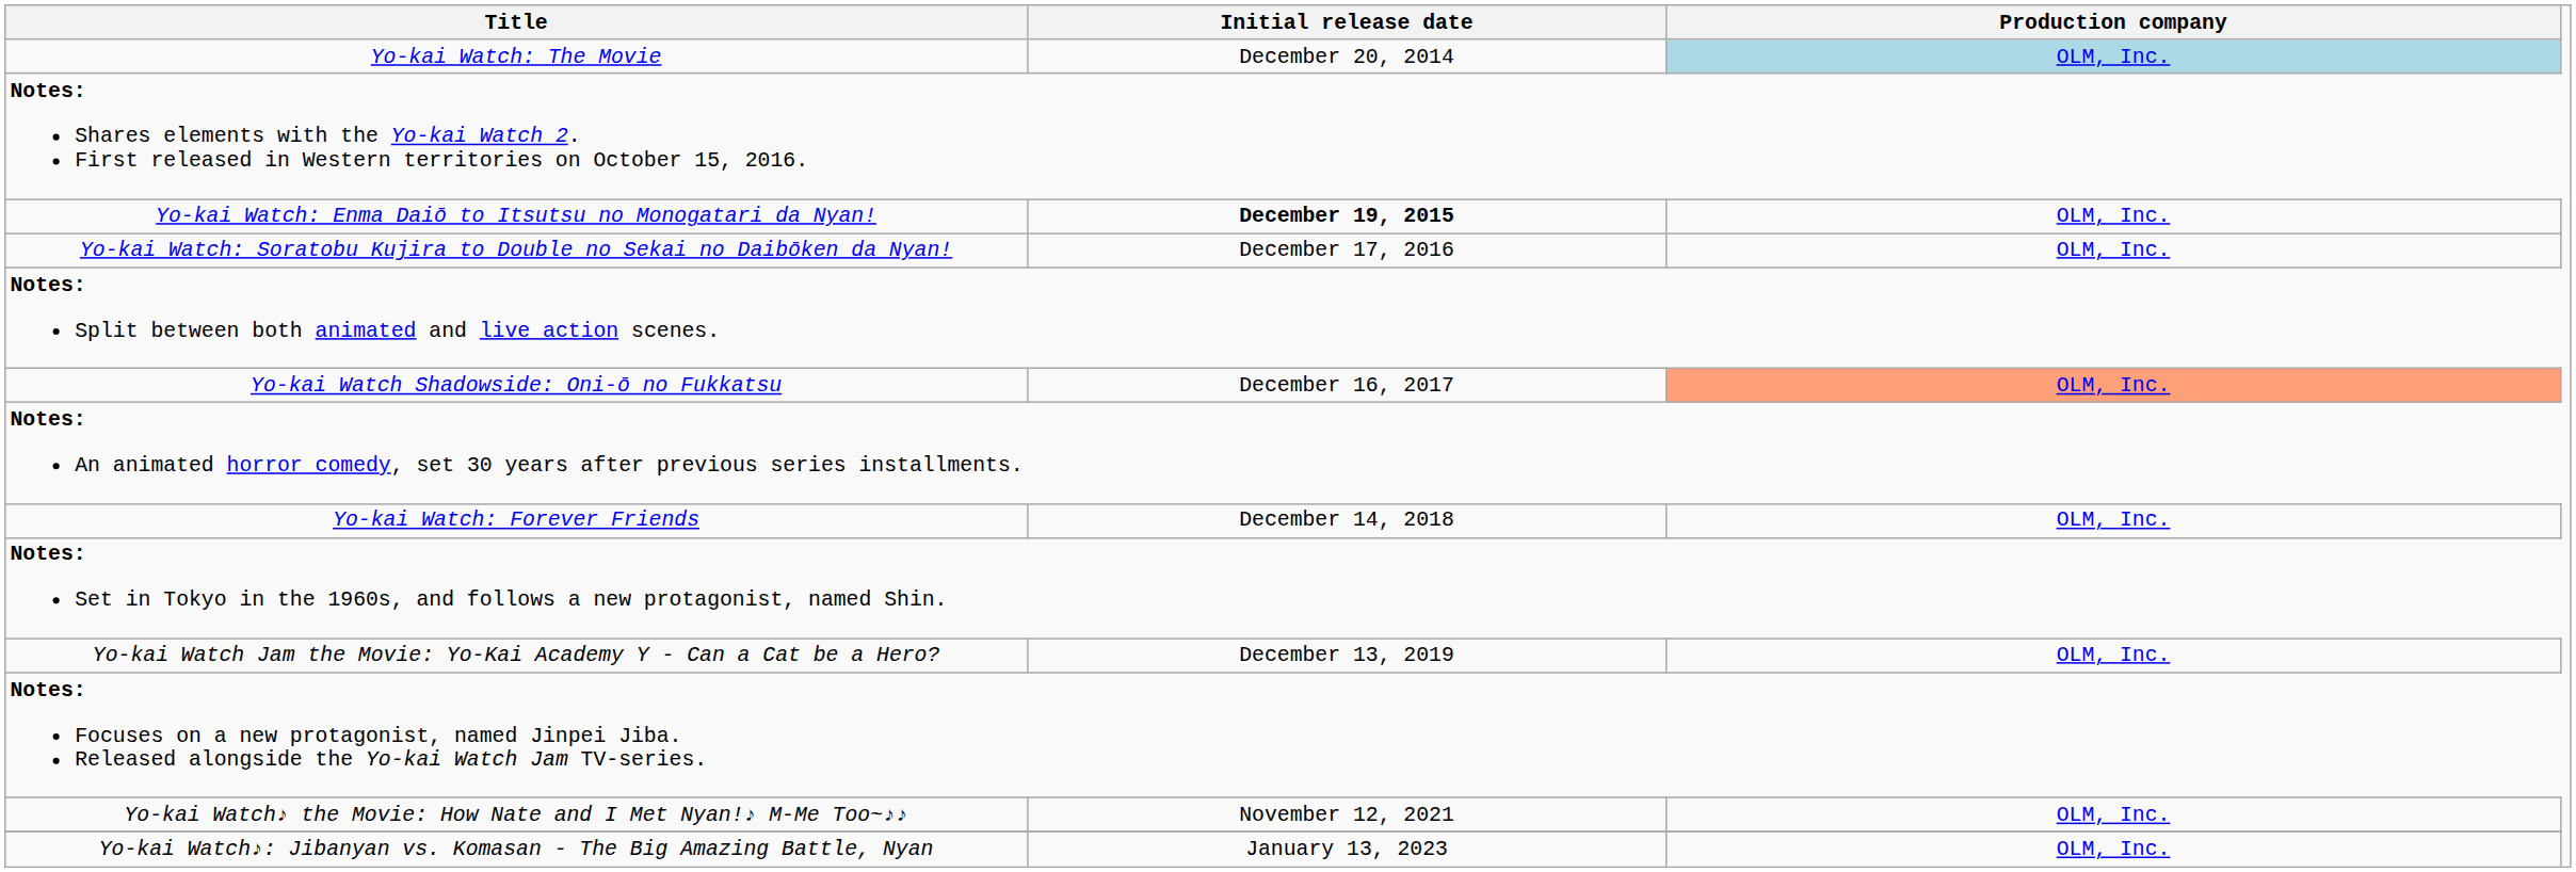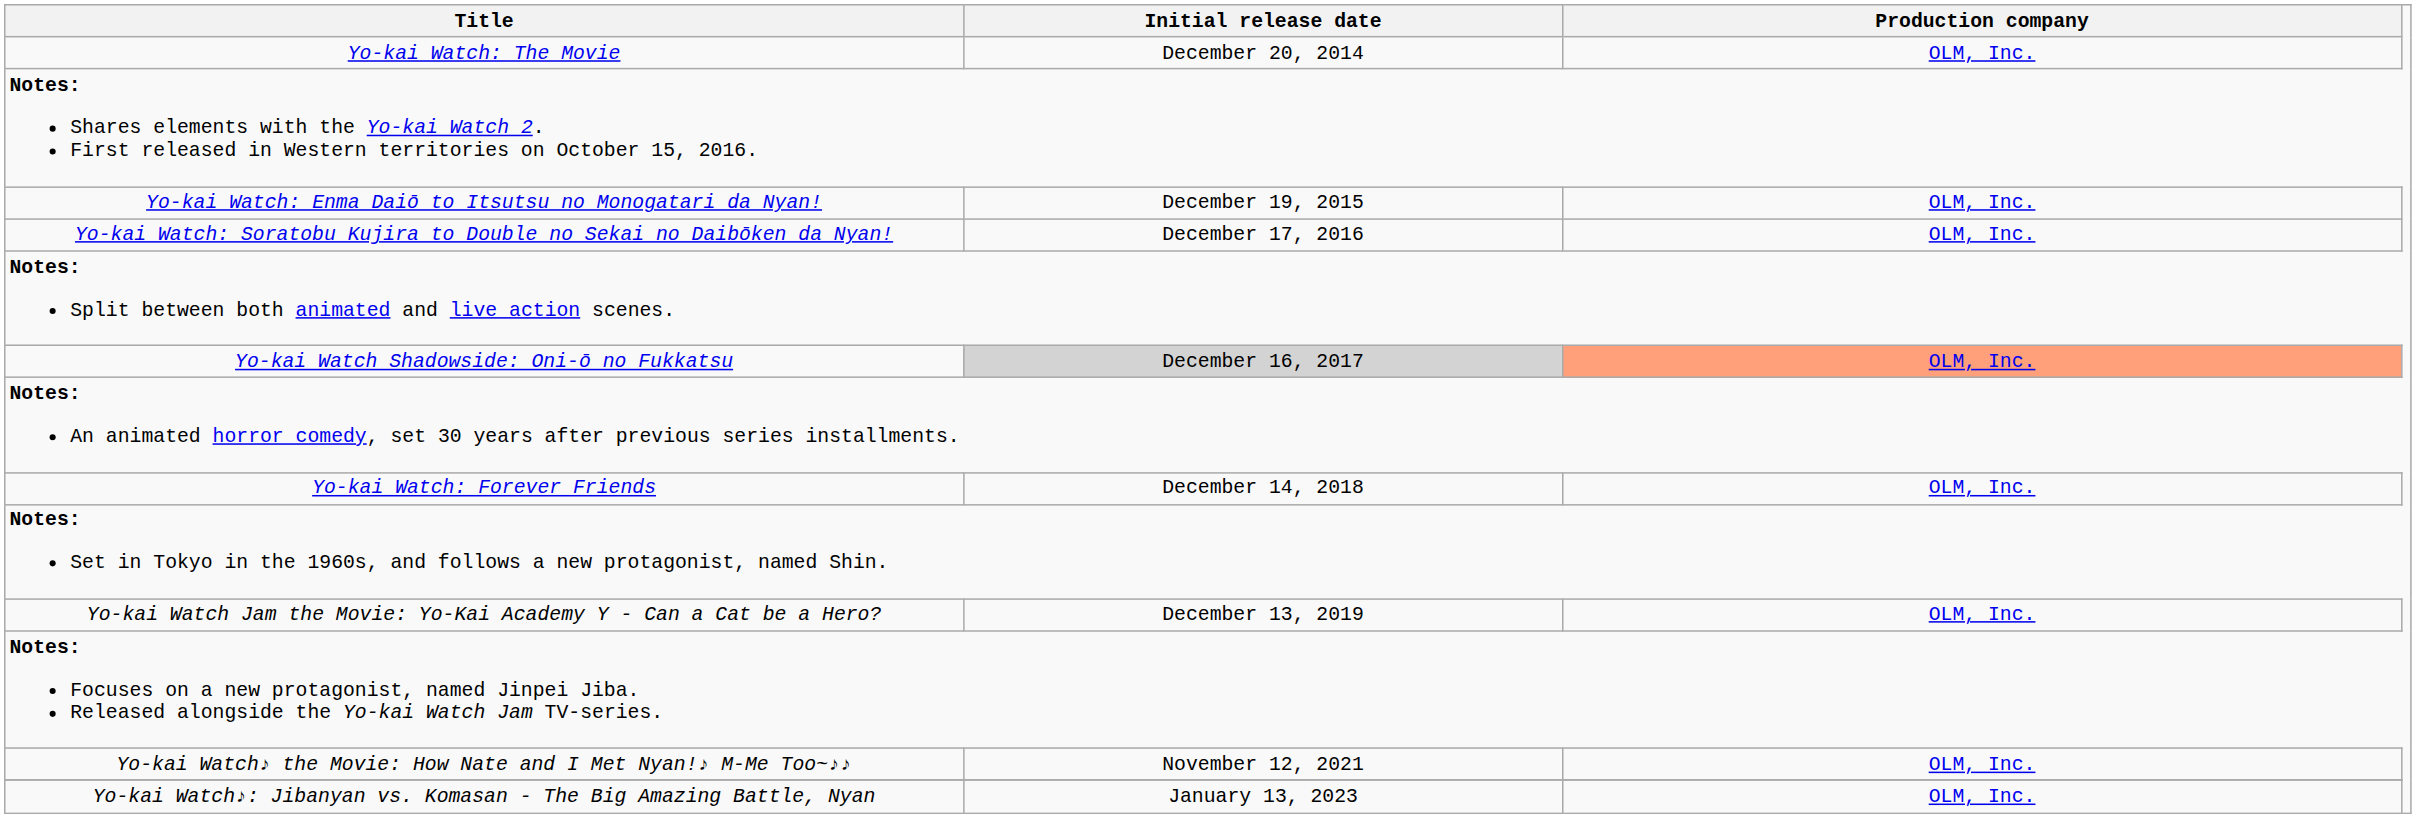 <table class="wikitable" style="width:100%;">
 <tr style="text-align: center;">
 <th colspan="2" style="width:40%;">Title</th>
 <th style="width:25%;">Initial release date</th>
 <th style="width:45%;">Production company</th>
 </tr>
 <tr style="text-align:center;">
 <td colspan="2"><em><a href='#'>Yo-kai Watch: The Movie</a></em></td>
 <td>December 20, 2014</td>
-<td style="background: lightblue;"><a href='#'>OLM, Inc.</a></td>
+<td><a href='#'>OLM, Inc.</a></td>
 </tr>
 <tr>
 <td colspan="5" style="border: none; vertical-align: top;"><strong>Notes:</strong><br><ul><li>Shares elements with the <em><a href='#'>Yo-kai Watch 2</a></em>.</li><li>First released in Western territories on October 15, 2016.</li></ul></td>
 </tr>
 <tr style="text-align:center;">
 <td colspan="2"><em><a href='#'>Yo-kai Watch: Enma Daiō to Itsutsu no Monogatari da Nyan!</a></em></td>
-<td><strong>December 19, 2015</strong></td>
+<td>December 19, 2015</td>
 <td><a href='#'>OLM, Inc.</a></td>
 <td colspan="5" style="border: none; vertical-align: top;"></td>
 </tr>
 <tr style="text-align:center;">
 <td colspan="2"><em><a href='#'>Yo-kai Watch: Soratobu Kujira to Double no Sekai no Daibōken da Nyan!</a></em></td>
 <td>December 17, 2016</td>
 <td><a href='#'>OLM, Inc.</a></td>
 </tr>
 <tr>
 <td colspan="5" style="border: none; vertical-align: top;"><strong>Notes:</strong><br><ul><li>Split between both <a href='#'>animated</a> and <a href='#'>live action</a> scenes.</li></ul></td>
 </tr>
 <tr style="text-align:center;">
 <td colspan="2"><em><a href='#'>Yo-kai Watch Shadowside: Oni-ō no Fukkatsu</a></em></td>
-<td>December 16, 2017</td>
+<td style="background: lightgrey;">December 16, 2017</td>
 <td style="background: lightsalmon;"><a href='#'>OLM, Inc.</a></td>
 </tr>
 <tr>
 <td colspan="5" style="border: none; vertical-align: top;"><strong>Notes:</strong><br><ul><li>An animated <a href='#'>horror comedy</a>, set 30 years after previous series installments.</li></ul></td>
 </tr>
 <tr style="text-align:center;">
 <td colspan="2"><em><a href='#'>Yo-kai Watch: Forever Friends</a></em></td>
 <td>December 14, 2018</td>
 <td><a href='#'>OLM, Inc.</a></td>
 </tr>
 <tr>
 <td colspan="5" style="border: none; vertical-align: top;"><strong>Notes:</strong><br><ul><li>Set in Tokyo in the 1960s, and follows a new protagonist, named Shin.</li></ul></td>
 </tr>
 <tr style="text-align:center;">
 <td colspan="2"><em>Yo-kai Watch Jam the Movie: Yo-Kai Academy Y - Can a Cat be a Hero?</em></td>
 <td>December 13, 2019</td>
 <td><a href='#'>OLM, Inc.</a></td>
 </tr>
 <tr>
 <td colspan="5" style="border: none; vertical-align: top;"><strong>Notes:</strong><br><ul><li>Focuses on a new protagonist, named Jinpei Jiba.</li><li>Released alongside the <em>Yo-kai Watch Jam</em> TV-series.</li></ul></td>
 </tr>
 <tr style="text-align:center;">
 <td colspan="2"><em>Yo-kai Watch♪ the Movie: How Nate and I Met Nyan!♪ M-Me Too~♪♪</em></td>
 <td>November 12, 2021 </td>
 <td><a href='#'>OLM, Inc.</a></td>
 </tr>
 <tr>
 </tr>
 <tr style="text-align:center;">
 <td colspan="2"><em>Yo-kai Watch♪: Jibanyan vs. Komasan - The Big Amazing Battle, Nyan</em></td>
 <td>January 13, 2023 </td>
 <td><a href='#'>OLM, Inc.</a></td>
 </tr>
 </table>
